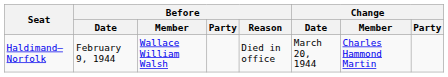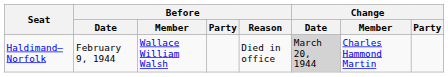 <table class="wikitable" style="border: none;">
 <tr>
 <th rowspan="2">Seat</th>
 <th colspan="4">Before</th>
 <th colspan="3">Change</th>
 </tr>
 <tr>
 <th>Date</th>
 <th>Member</th>
 <th>Party</th>
 <th>Reason</th>
 <th>Date</th>
 <th>Member</th>
 <th>Party</th>
 </tr>
 <tr>
 <td><a href='#'>Haldimand—Norfolk</a></td>
 <td>February 9, 1944</td>
 <td><a href='#'>Wallace William Walsh</a></td>
 <td></td>
 <td>Died in office</td>
-<td>March 20, 1944</td>
+<td style="background: lightgrey;">March 20, 1944</td>
 <td><a href='#'>Charles Hammond Martin</a></td>
 <td></td>
 </tr>
 </table>
